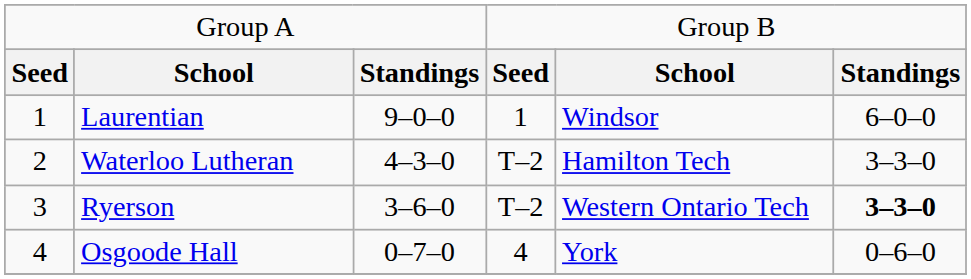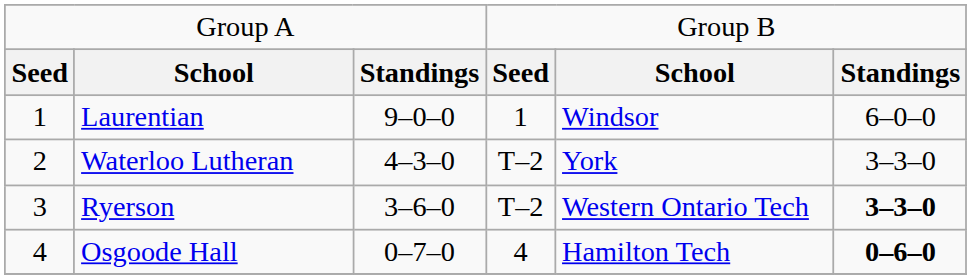 <table class="wikitable">
 <tr align=center>
 <td colspan=3>Group A</td>
 <td colspan=3>Group B</td>
 </tr>
 <tr>
 <th>Seed</th>
 <th style="width:150px">School</th>
 <th>Standings</th>
 <th>Seed</th>
 <th style="width:150px">School</th>
 <th>Standings</th>
 </tr>
 <tr>
 <td align=center>1</td>
 <td><a href='#'>Laurentian</a></td>
 <td align=center>9–0–0</td>
 <td align=center>1</td>
 <td><a href='#'>Windsor</a></td>
 <td align=center>6–0–0</td>
 </tr>
 <tr>
 <td align=center>2</td>
 <td><a href='#'>Waterloo Lutheran</a></td>
 <td align=center>4–3–0</td>
 <td align=center>T–2</td>
-<td><a href='#'>Hamilton Tech</a></td>
+<td><a href='#'>York</a></td>
 <td align=center>3–3–0</td>
 </tr>
 <tr>
 <td align=center>3</td>
 <td><a href='#'>Ryerson</a></td>
 <td align=center>3–6–0</td>
 <td align=center>T–2</td>
 <td><a href='#'>Western Ontario Tech</a></td>
 <td align=center><strong>3–3–0</strong></td>
 </tr>
 <tr>
 <td align=center>4</td>
 <td><a href='#'>Osgoode Hall</a></td>
 <td align=center>0–7–0</td>
 <td align=center>4</td>
-<td><a href='#'>York</a></td>
-<td align=center>0–6–0</td>
+<td><a href='#'>Hamilton Tech</a></td>
+<td align=center><strong>0–6–0</strong></td>
 </tr>
 <tr>
 </tr>
 </table>
